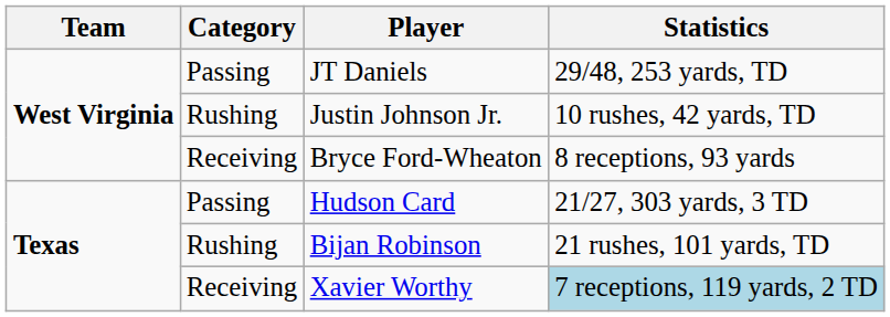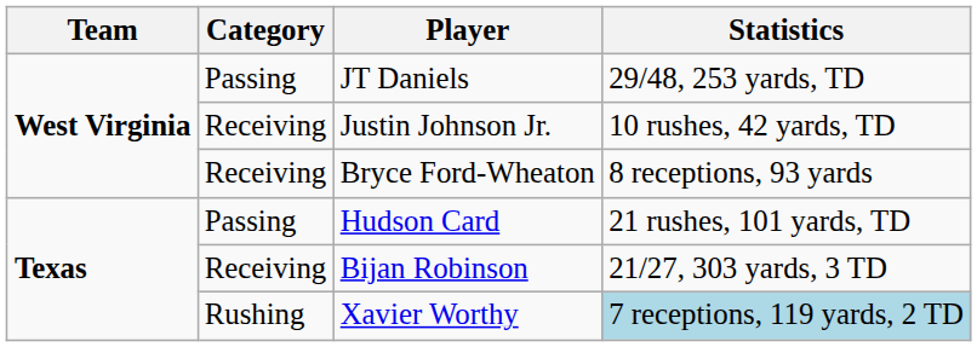 <table class="wikitable" style="float: right;">
 <tr>
 <th>Team</th>
 <th>Category</th>
 <th>Player</th>
 <th>Statistics</th>
 </tr>
 <tr>
 <td rowspan=3><strong>West Virginia</strong></td>
 <td>Passing</td>
 <td>JT Daniels</td>
 <td>29/48, 253 yards, TD</td>
 </tr>
 <tr>
-<td>Rushing</td>
+<td>Receiving</td>
 <td>Justin Johnson Jr.</td>
 <td>10 rushes, 42 yards, TD</td>
 </tr>
 <tr>
 <td>Receiving</td>
 <td>Bryce Ford-Wheaton</td>
 <td>8 receptions, 93 yards</td>
 </tr>
 <tr>
 <td rowspan=3><strong>Texas</strong></td>
 <td>Passing</td>
 <td><a href='#'>Hudson Card</a></td>
+<td>21 rushes, 101 yards, TD</td>
+</tr>
+<tr>
+<td>Receiving</td>
+<td><a href='#'>Bijan Robinson</a></td>
 <td>21/27, 303 yards, 3 TD</td>
 </tr>
 <tr>
 <td>Rushing</td>
-<td><a href='#'>Bijan Robinson</a></td>
-<td>21 rushes, 101 yards, TD</td>
-</tr>
-<tr>
-<td>Receiving</td>
 <td><a href='#'>Xavier Worthy</a></td>
 <td style="background: lightblue;">7 receptions, 119 yards, 2 TD</td>
 </tr>
 </table>
